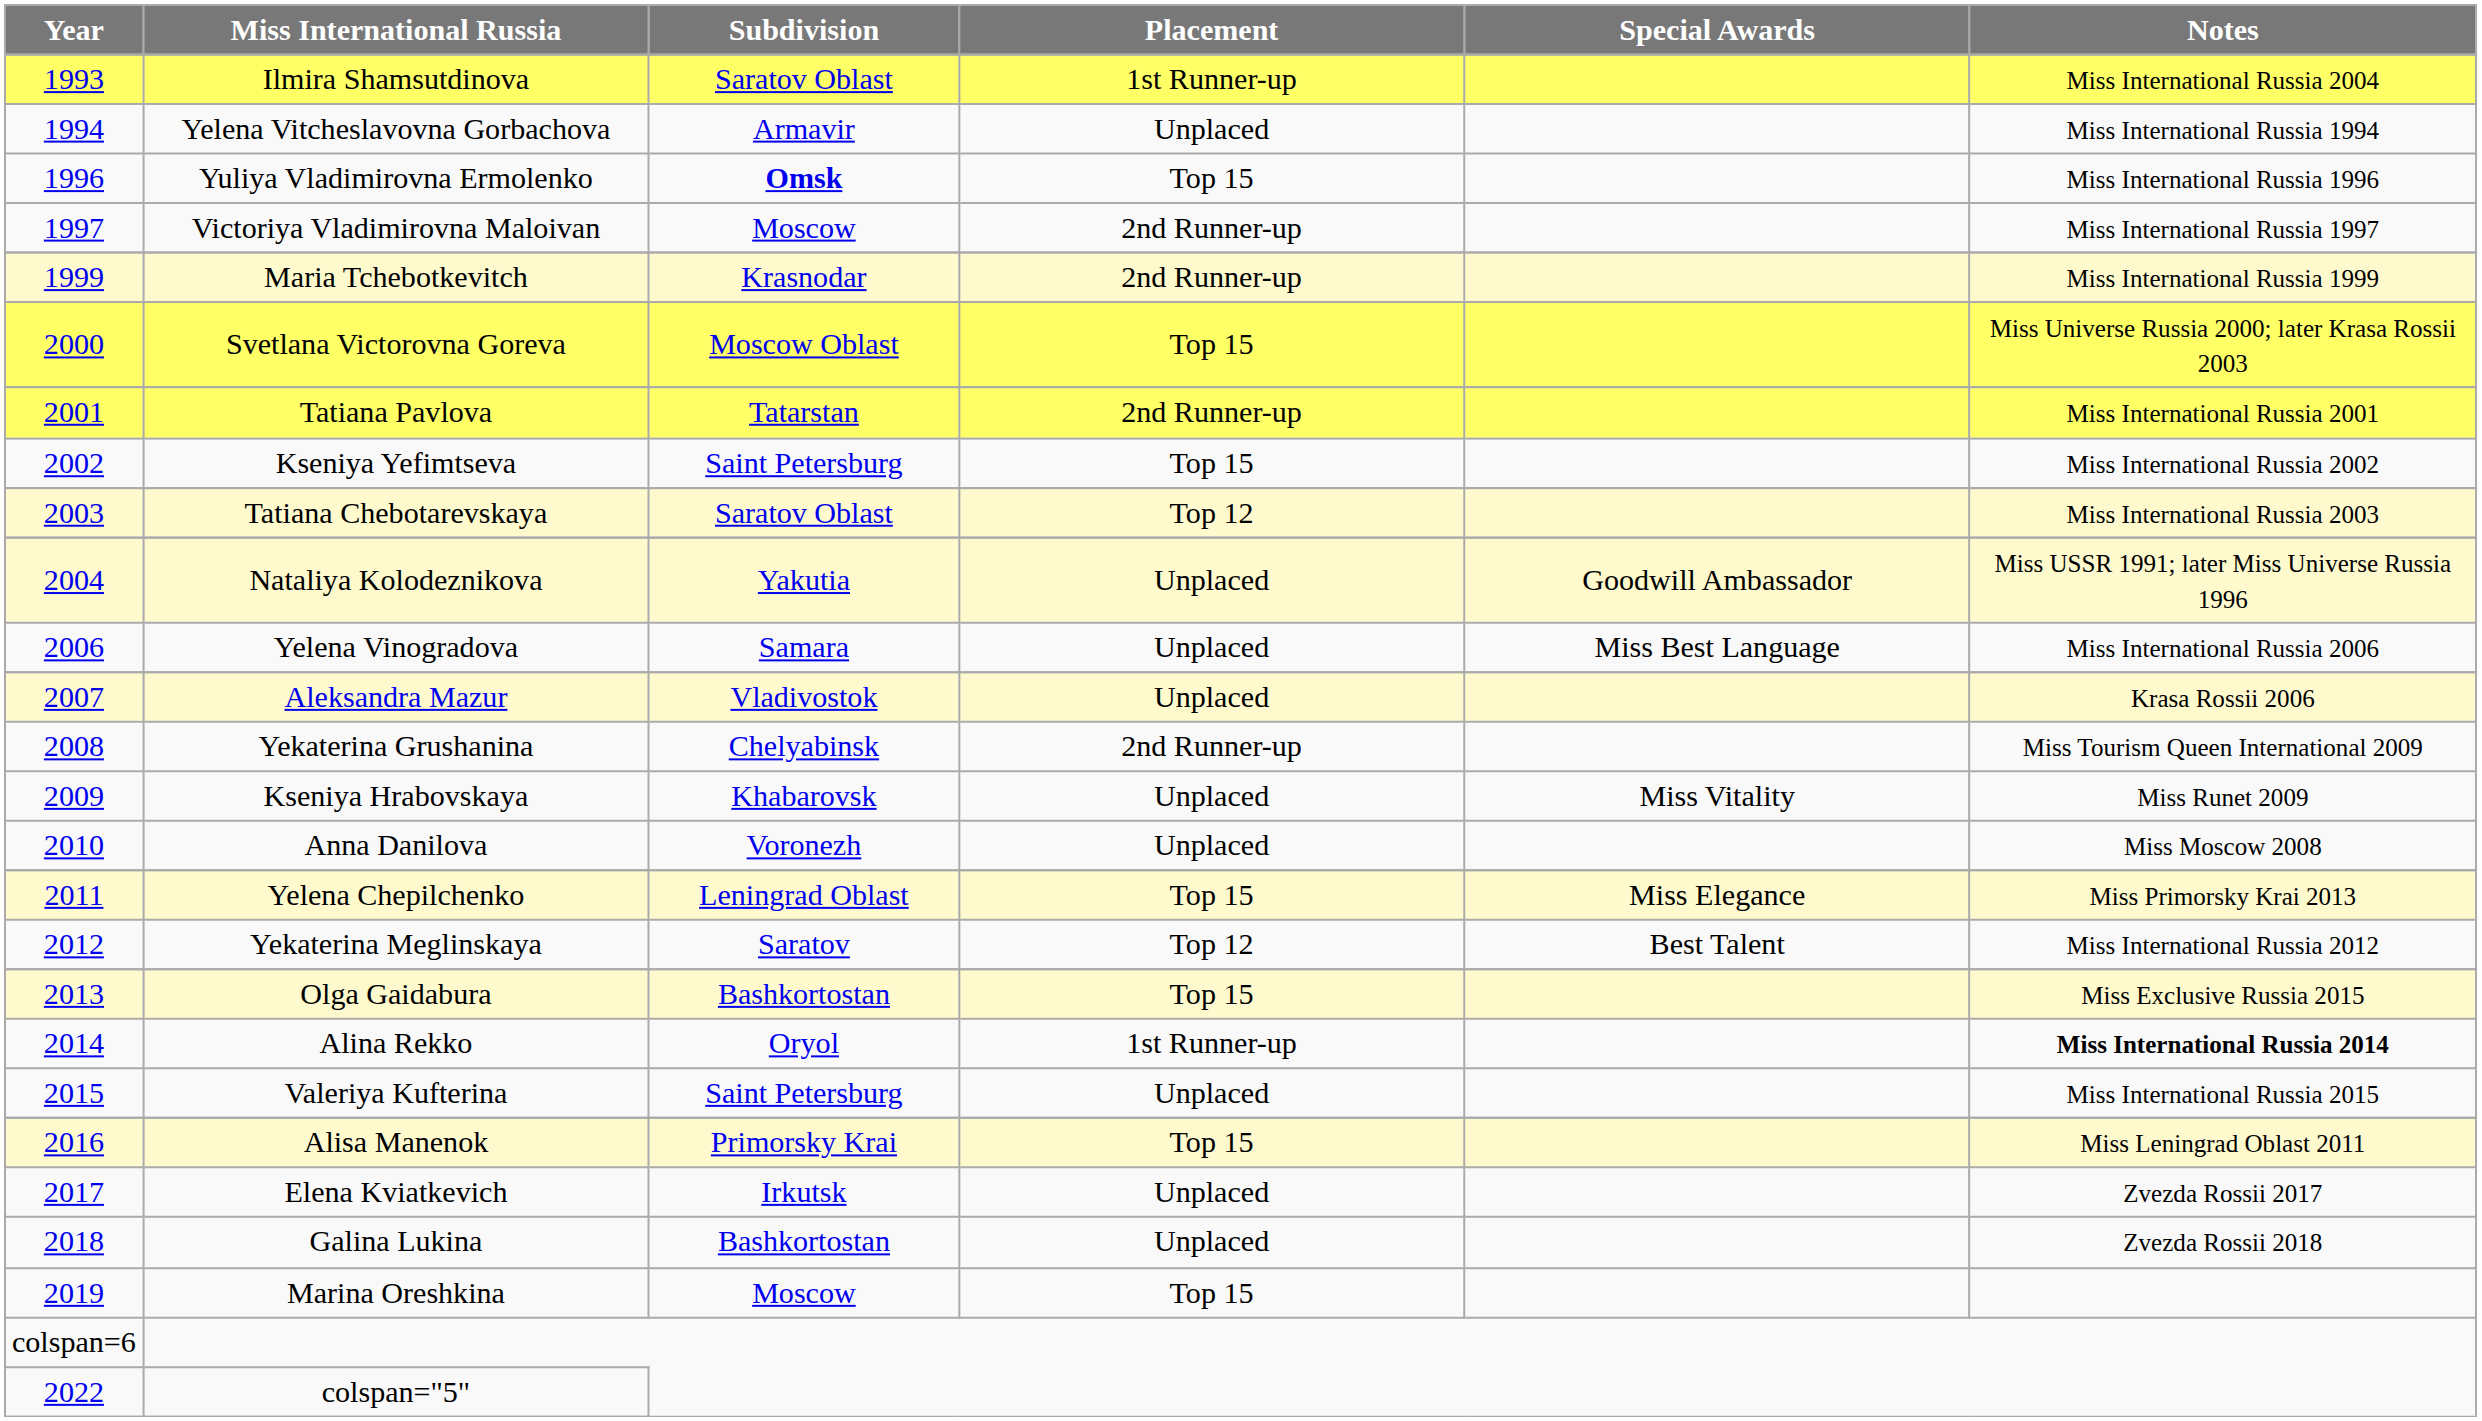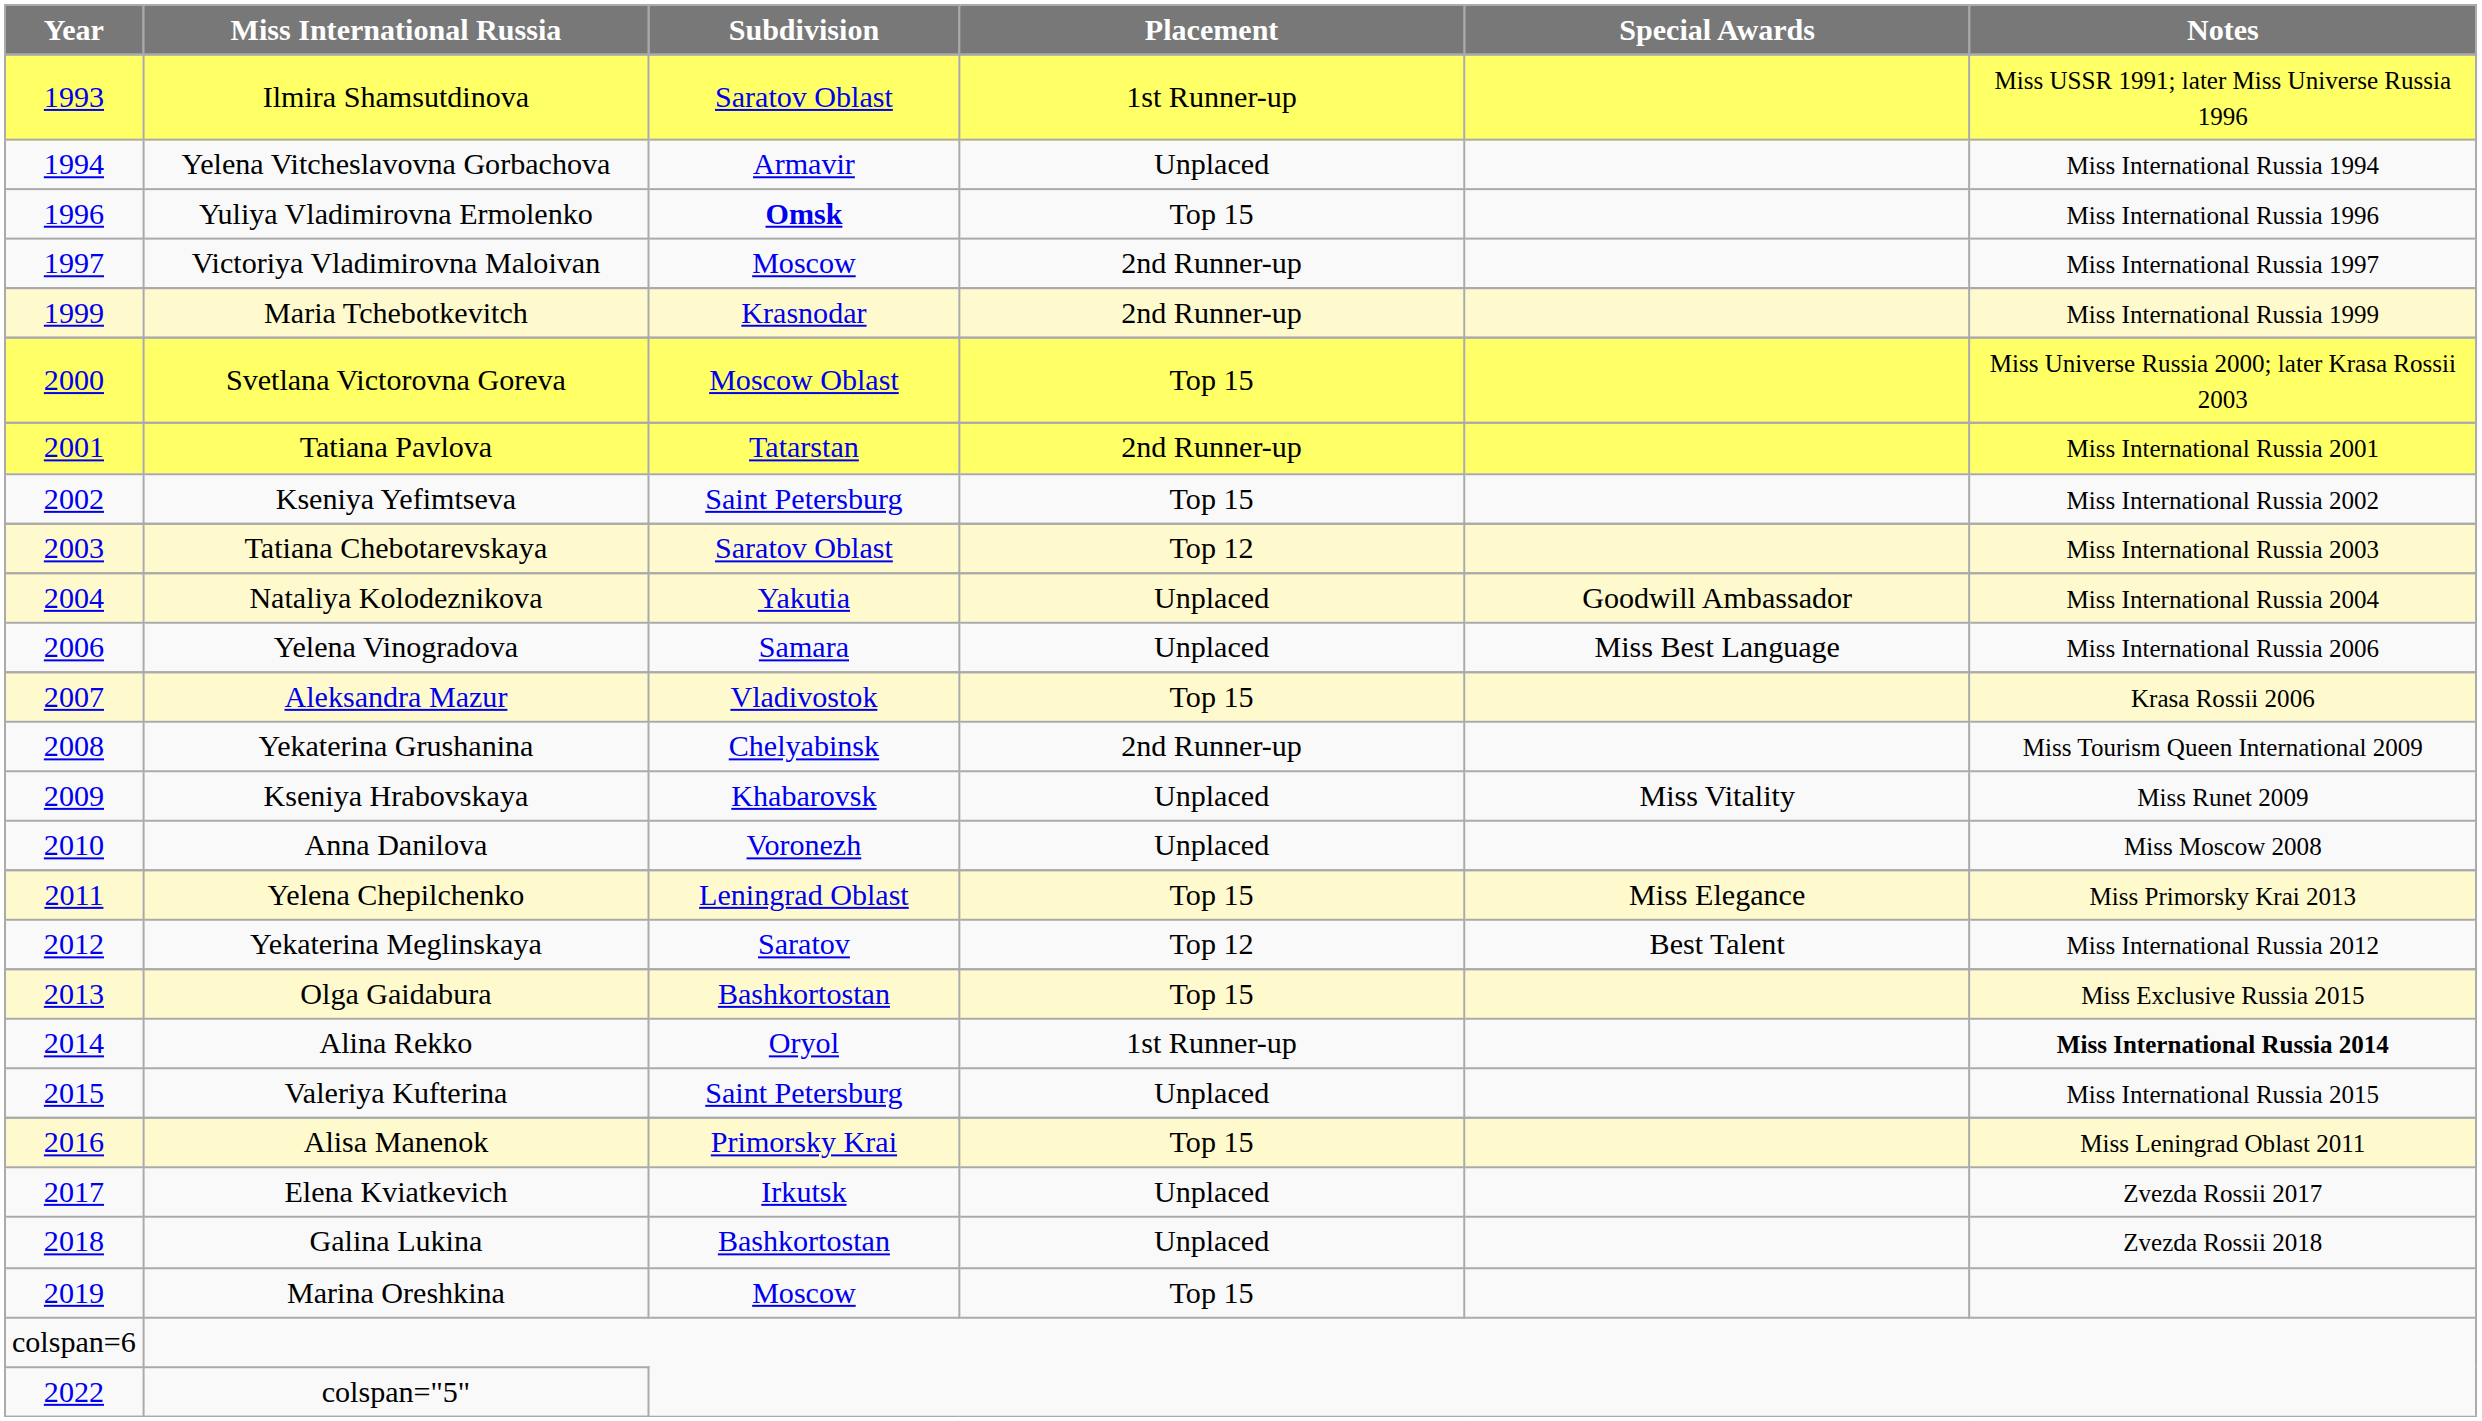 <table class="wikitable sortable" style="font-size: 95%; text-align:center">
 <tr>
 <th width="60" style="background-color:#787878;color:#FFFFFF;">Year</th>
 <th width="250" style="background-color:#787878;color:#FFFFFF;">Miss International Russia</th>
 <th width="150" style="background-color:#787878;color:#FFFFFF;">Subdivision</th>
 <th width="250" style="background-color:#787878;color:#FFFFFF;">Placement</th>
 <th width="250" style="background-color:#787878;color:#FFFFFF;">Special Awards</th>
 <th width="250" style="background-color:#787878;color:#FFFFFF;">Notes</th>
 </tr>
 <tr>
 </tr>
 <tr style="background-color:#FFFF66; ">
 <td><a href='#'>1993</a></td>
 <td>Ilmira Shamsutdinova</td>
 <td><a href='#'>Saratov Oblast</a></td>
 <td>1st Runner-up</td>
 <td></td>
-<td><small>Miss International Russia 2004</small></td>
+<td><small>Miss USSR 1991; later Miss Universe Russia 1996</small></td>
 </tr>
 <tr>
 <td><a href='#'>1994</a></td>
 <td>Yelena Vitcheslavovna Gorbachova</td>
 <td><a href='#'>Armavir</a></td>
 <td>Unplaced</td>
 <td></td>
 <td><small>Miss International Russia 1994</small></td>
 </tr>
 <tr>
 <td><a href='#'>1996</a></td>
 <td>Yuliya Vladimirovna Ermolenko</td>
 <td><strong><a href='#'>Omsk</a></strong></td>
 <td>Top 15</td>
 <td></td>
 <td><small>Miss International Russia 1996</small></td>
 </tr>
 <tr>
 <td><a href='#'>1997</a></td>
 <td>Victoriya Vladimirovna Maloivan</td>
 <td><a href='#'>Moscow</a></td>
 <td>2nd Runner-up</td>
 <td></td>
 <td><small>Miss International Russia 1997</small></td>
 </tr>
 <tr>
 </tr>
 <tr style="background-color:#FFFACD; ">
 <td><a href='#'>1999</a></td>
 <td>Maria Tchebotkevitch</td>
 <td><a href='#'>Krasnodar</a></td>
 <td>2nd Runner-up</td>
 <td></td>
 <td><small>Miss International Russia 1999</small></td>
 </tr>
 <tr>
 </tr>
 <tr style="background-color:#FFFF66; ">
 <td><a href='#'>2000</a></td>
 <td>Svetlana Victorovna Goreva</td>
 <td><a href='#'>Moscow Oblast</a></td>
 <td>Top 15</td>
 <td></td>
 <td><small>Miss Universe Russia 2000; later Krasa Rossii 2003</small></td>
 </tr>
 <tr>
 </tr>
 <tr style="background-color:#FFFF66;">
 <td><a href='#'>2001</a></td>
 <td>Tatiana Pavlova</td>
 <td><a href='#'>Tatarstan</a></td>
 <td>2nd Runner-up</td>
 <td></td>
 <td><small>Miss International Russia 2001</small></td>
 </tr>
 <tr>
 <td><a href='#'>2002</a></td>
 <td>Kseniya Yefimtseva</td>
 <td><a href='#'>Saint Petersburg</a></td>
 <td>Top 15</td>
 <td></td>
 <td><small>Miss International Russia 2002</small></td>
 </tr>
 <tr>
 </tr>
 <tr style="background-color:#FFFACD; ">
 <td><a href='#'>2003</a></td>
 <td>Tatiana Chebotarevskaya</td>
 <td><a href='#'>Saratov Oblast</a></td>
 <td>Top 12</td>
 <td></td>
 <td><small>Miss International Russia 2003</small></td>
 </tr>
 <tr>
 </tr>
 <tr style="background-color:#FFFACD; ">
 <td><a href='#'>2004</a></td>
 <td>Nataliya Kolodeznikova</td>
 <td><a href='#'>Yakutia</a></td>
 <td>Unplaced</td>
 <td>Goodwill Ambassador</td>
-<td><small>Miss USSR 1991; later Miss Universe Russia 1996</small></td>
+<td><small>Miss International Russia 2004</small></td>
 </tr>
 <tr>
 <td><a href='#'>2006</a></td>
 <td>Yelena Vinogradova</td>
 <td><a href='#'>Samara</a></td>
 <td>Unplaced</td>
 <td>Miss Best Language</td>
 <td><small>Miss International Russia 2006</small></td>
 </tr>
 <tr>
 </tr>
 <tr style="background-color:#FFFACD; ">
 <td><a href='#'>2007</a></td>
 <td><a href='#'>Aleksandra Mazur</a></td>
 <td><a href='#'>Vladivostok</a></td>
-<td>Unplaced</td>
+<td>Top 15</td>
 <td></td>
 <td><small>Krasa Rossii 2006</small></td>
 </tr>
 <tr>
 <td><a href='#'>2008</a></td>
 <td>Yekaterina Grushanina</td>
 <td><a href='#'>Chelyabinsk</a></td>
 <td>2nd Runner-up</td>
 <td></td>
 <td><small>Miss Tourism Queen International 2009</small></td>
 </tr>
 <tr>
 <td><a href='#'>2009</a></td>
 <td>Kseniya Hrabovskaya</td>
 <td><a href='#'>Khabarovsk</a></td>
 <td>Unplaced</td>
 <td>Miss Vitality</td>
 <td><small>Miss Runet 2009</small></td>
 </tr>
 <tr>
 <td><a href='#'>2010</a></td>
 <td>Anna Danilova</td>
 <td><a href='#'>Voronezh</a></td>
 <td>Unplaced</td>
 <td></td>
 <td><small>Miss Moscow 2008</small></td>
 </tr>
 <tr>
 </tr>
 <tr style="background-color:#FFFACD; ">
 <td><a href='#'>2011</a></td>
 <td>Yelena Chepilchenko</td>
 <td><a href='#'>Leningrad Oblast</a></td>
 <td>Top 15</td>
 <td>Miss Elegance</td>
 <td><small>Miss Primorsky Krai 2013</small></td>
 </tr>
 <tr>
 <td><a href='#'>2012</a></td>
 <td>Yekaterina Meglinskaya</td>
 <td><a href='#'>Saratov</a></td>
 <td>Top 12</td>
 <td>Best Talent</td>
 <td><small>Miss International Russia 2012</small></td>
 </tr>
 <tr>
 </tr>
 <tr style="background-color:#FFFACD; ">
 <td><a href='#'>2013</a></td>
 <td>Olga Gaidabura</td>
 <td><a href='#'>Bashkortostan</a></td>
 <td>Top 15</td>
 <td></td>
 <td><small>Miss Exclusive Russia 2015</small></td>
 </tr>
 <tr>
 <td><a href='#'>2014</a></td>
 <td>Alina Rekko</td>
 <td><a href='#'>Oryol</a></td>
 <td>1st Runner-up</td>
 <td></td>
 <td><strong><small>Miss International Russia 2014</small></strong></td>
 </tr>
 <tr>
 <td><a href='#'>2015</a></td>
 <td>Valeriya Kufterina</td>
 <td><a href='#'>Saint Petersburg</a></td>
 <td>Unplaced</td>
 <td></td>
 <td><small>Miss International Russia 2015</small></td>
 </tr>
 <tr>
 </tr>
 <tr style="background-color:#FFFACD; ">
 <td><a href='#'>2016</a></td>
 <td>Alisa Manenok</td>
 <td><a href='#'>Primorsky Krai</a></td>
 <td>Top 15</td>
 <td></td>
 <td><small>Miss Leningrad Oblast 2011</small></td>
 </tr>
 <tr>
 <td><a href='#'>2017</a></td>
 <td>Elena Kviatkevich</td>
 <td><a href='#'>Irkutsk</a></td>
 <td>Unplaced</td>
 <td></td>
 <td><small>Zvezda Rossii 2017</small></td>
 </tr>
 <tr>
 <td><a href='#'>2018</a></td>
 <td>Galina Lukina</td>
 <td><a href='#'>Bashkortostan</a></td>
 <td>Unplaced</td>
 <td></td>
 <td><small>Zvezda Rossii 2018</small></td>
 </tr>
 <tr>
 <td><a href='#'>2019</a></td>
 <td>Marina Oreshkina</td>
 <td><a href='#'>Moscow</a></td>
 <td>Top 15</td>
 <td></td>
 <td></td>
 </tr>
 <tr>
 <td>colspan=6 </td>
 </tr>
 <tr>
 <td><a href='#'>2022</a></td>
 <td>colspan="5" </td>
 </tr>
 <tr>
 </tr>
 </table>
